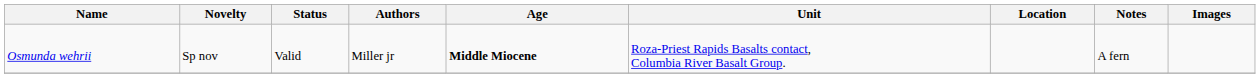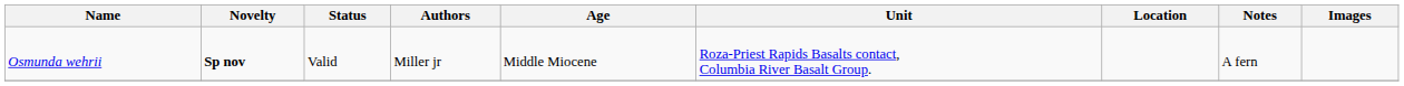 <table class="wikitable sortable" align="center" width="100%">
 <tr>
 <th>Name</th>
 <th>Novelty</th>
 <th>Status</th>
 <th>Authors</th>
 <th>Age</th>
 <th>Unit</th>
 <th>Location</th>
 <th>Notes</th>
 <th>Images</th>
 </tr>
 <tr>
 <td><br><em><a href='#'>Osmunda wehrii</a></em></td>
-<td><br>Sp nov</td>
+<td><strong><br>Sp nov</strong></td>
 <td><br>Valid</td>
 <td><br>Miller jr</td>
-<td><strong><br>Middle Miocene</strong></td>
+<td><br>Middle Miocene</td>
 <td><br><a href='#'>Roza-Priest Rapids Basalts contact</a>,<br> <a href='#'>Columbia River Basalt Group</a>.</td>
 <td><br><br></td>
 <td><br>A fern</td>
 <td><br></td>
 </tr>
 <tr>
 </tr>
 </table>
